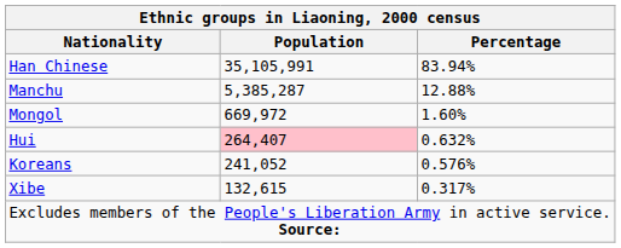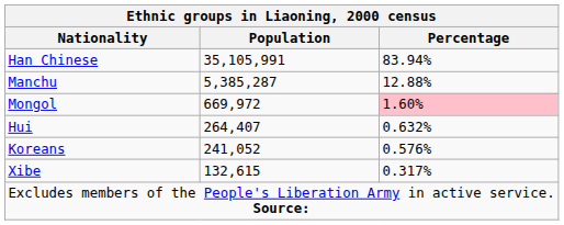 <table class="wikitable">
 <tr>
 <th colspan="3" align="center">Ethnic groups in Liaoning, 2000 census</th>
 </tr>
 <tr>
 <th>Nationality</th>
 <th>Population</th>
 <th>Percentage</th>
 </tr>
 <tr>
 <td><a href='#'>Han Chinese</a></td>
 <td>35,105,991</td>
 <td>83.94%</td>
 </tr>
 <tr>
 <td><a href='#'>Manchu</a></td>
 <td>5,385,287</td>
 <td>12.88%</td>
 </tr>
 <tr>
 <td><a href='#'>Mongol</a></td>
 <td>669,972</td>
-<td>1.60%</td>
+<td style="background: pink;">1.60%</td>
 </tr>
 <tr>
 <td><a href='#'>Hui</a></td>
-<td style="background: pink;">264,407</td>
+<td>264,407</td>
 <td>0.632%</td>
 </tr>
 <tr>
 <td><a href='#'>Koreans</a></td>
 <td>241,052</td>
 <td>0.576%</td>
 </tr>
 <tr>
 <td><a href='#'>Xibe</a></td>
 <td>132,615</td>
 <td>0.317%</td>
 </tr>
 <tr>
 <td colspan="3" style="text-align: center;">Excludes members of the <a href='#'>People's Liberation Army</a> in active service.<br> <strong>Source:</strong></td>
 </tr>
 </table>
